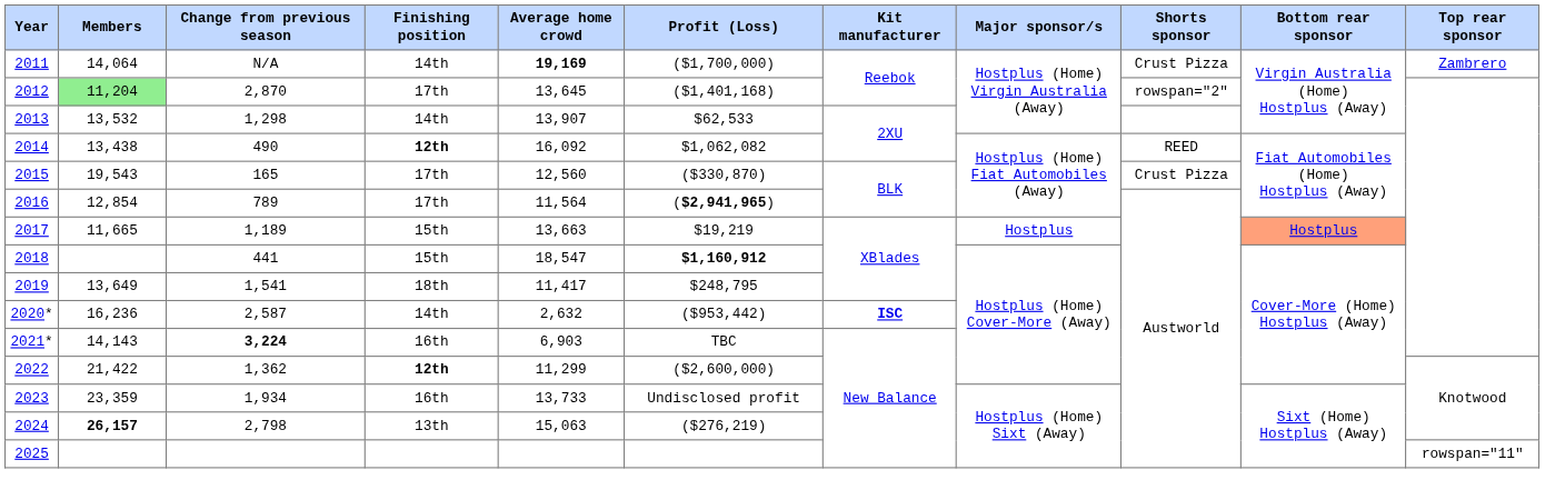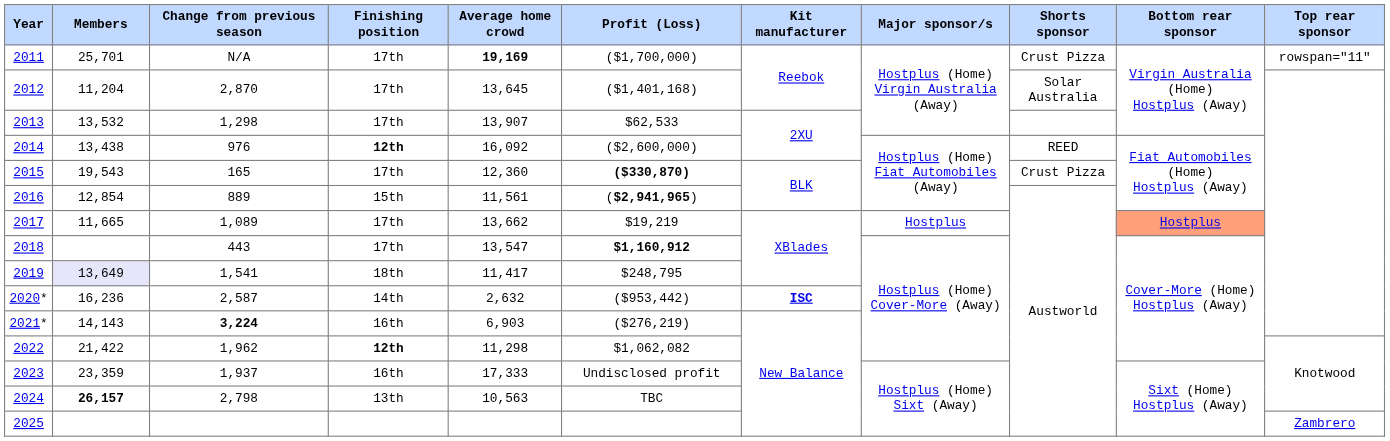 <table border="1" cellpadding="4" cellspacing="0"  style="text-align:center; font-size:90%; border-collapse:collapse; width:80%;">
 <tr style="background:#C1D8FF;">
 <th>Year</th>
 <th style="width:7%;">Members</th>
 <th style="width:13%;">Change from previous season</th>
 <th>Finishing position</th>
 <th>Average home crowd</th>
 <th style="width:13%;">Profit (Loss)</th>
 <th>Kit manufacturer</th>
 <th>Major sponsor/s</th>
 <th>Shorts sponsor</th>
 <th>Bottom rear sponsor</th>
 <th>Top rear sponsor</th>
 </tr>
 <tr>
 <td><a href='#'>2011</a></td>
-<td>14,064</td>
+<td>25,701</td>
 <td>N/A</td>
-<td>14th</td>
+<td>17th</td>
 <td><strong>19,169</strong></td>
 <td>($1,700,000)</td>
 <td rowspan="2"><a href='#'>Reebok</a></td>
 <td rowspan="3"><a href='#'>Hostplus</a> (Home) <br> <a href='#'>Virgin Australia</a> (Away)</td>
 <td>Crust Pizza</td>
 <td rowspan="3"><a href='#'>Virgin Australia</a> (Home) <br> <a href='#'>Hostplus</a> (Away)</td>
-<td><a href='#'>Zambrero</a></td>
+<td>rowspan="11" </td>
 </tr>
 <tr>
 <td><a href='#'>2012</a></td>
-<td style="background: lightgreen;">11,204</td>
+<td>11,204</td>
 <td> 2,870</td>
 <td>17th</td>
 <td>13,645</td>
 <td>($1,401,168)</td>
-<td>rowspan="2" </td>
+<td>Solar Australia</td>
 </tr>
 <tr>
 <td><a href='#'>2013</a></td>
 <td>13,532</td>
 <td> 1,298</td>
-<td>14th</td>
+<td>17th</td>
 <td>13,907</td>
 <td>$62,533</td>
 <td rowspan="2"><a href='#'>2XU</a></td>
 </tr>
 <tr>
 <td><a href='#'>2014</a></td>
 <td>13,438</td>
-<td> 490</td>
+<td> 976</td>
 <td><strong>12th</strong></td>
 <td>16,092</td>
-<td>$1,062,082</td>
+<td>($2,600,000)</td>
 <td rowspan="3"><a href='#'>Hostplus</a> (Home) <br> <a href='#'>Fiat Automobiles</a> (Away)</td>
 <td>REED</td>
 <td rowspan="3"><a href='#'>Fiat Automobiles</a> (Home) <br> <a href='#'>Hostplus</a> (Away)</td>
 </tr>
 <tr>
 <td><a href='#'>2015</a></td>
 <td>19,543</td>
 <td> 165</td>
 <td>17th</td>
-<td>12,560</td>
-<td>($330,870)</td>
+<td>12,360</td>
+<td><strong>($330,870)</strong></td>
 <td rowspan="2"><a href='#'>BLK</a></td>
 <td>Crust Pizza</td>
 </tr>
 <tr>
 <td><a href='#'>2016</a></td>
 <td>12,854</td>
-<td> 789</td>
-<td>17th</td>
-<td>11,564</td>
+<td> 889</td>
+<td>15th</td>
+<td>11,561</td>
 <td>(<strong>$2,941,965</strong>)</td>
 <td rowspan="10">Austworld</td>
 </tr>
 <tr>
 <td><a href='#'>2017</a></td>
 <td>11,665</td>
-<td> 1,189</td>
-<td>15th</td>
-<td>13,663</td>
+<td> 1,089</td>
+<td>17th</td>
+<td>13,662</td>
 <td>$19,219</td>
 <td rowspan="3"><a href='#'>XBlades</a></td>
 <td><a href='#'>Hostplus</a></td>
 <td style="background: lightsalmon;"><a href='#'>Hostplus</a></td>
 </tr>
 <tr>
 <td><a href='#'>2018</a></td>
 <td></td>
-<td> 441</td>
-<td>15th</td>
-<td>18,547</td>
+<td> 443</td>
+<td>17th</td>
+<td>13,547</td>
 <td><strong>$1,160,912</strong></td>
 <td rowspan="5"><a href='#'>Hostplus</a> (Home) <br> <a href='#'>Cover-More</a> (Away)</td>
 <td rowspan="5"><a href='#'>Cover-More</a> (Home) <br> <a href='#'>Hostplus</a> (Away)</td>
 </tr>
 <tr>
 <td><a href='#'>2019</a></td>
-<td>13,649</td>
+<td style="background: lavender;">13,649</td>
 <td> 1,541</td>
 <td>18th</td>
 <td>11,417</td>
 <td>$248,795</td>
 </tr>
 <tr>
 <td><a href='#'>2020</a>*</td>
 <td>16,236</td>
 <td> 2,587</td>
 <td>14th</td>
 <td>2,632</td>
 <td>($953,442)</td>
 <td><strong><a href='#'>ISC</a></strong></td>
 </tr>
 <tr>
 <td><a href='#'>2021</a>*</td>
 <td>14,143</td>
 <td> <strong>3,224</strong></td>
 <td>16th</td>
 <td>6,903</td>
-<td>TBC</td>
+<td>($276,219)</td>
 <td rowspan="5"><a href='#'>New Balance</a></td>
 </tr>
 <tr>
 <td><a href='#'>2022</a></td>
 <td>21,422</td>
-<td> 1,362</td>
+<td> 1,962</td>
 <td><strong>12th</strong></td>
-<td>11,299</td>
-<td>($2,600,000)</td>
+<td>11,298</td>
+<td>$1,062,082</td>
 <td rowspan="3">Knotwood</td>
 </tr>
 <tr>
 <td><a href='#'>2023</a></td>
 <td>23,359</td>
-<td> 1,934</td>
+<td> 1,937</td>
 <td>16th</td>
-<td>13,733</td>
+<td>17,333</td>
 <td>Undisclosed profit</td>
 <td rowspan="3"><a href='#'>Hostplus</a> (Home) <br> <a href='#'>Sixt</a> (Away)</td>
 <td rowspan="3"><a href='#'>Sixt</a> (Home) <br> <a href='#'>Hostplus</a> (Away)</td>
 </tr>
 <tr>
 <td><a href='#'>2024</a></td>
 <td><strong>26,157</strong></td>
 <td> 2,798</td>
 <td>13th</td>
-<td>15,063</td>
-<td>($276,219)</td>
+<td>10,563</td>
+<td>TBC</td>
 </tr>
 <tr>
 <td><a href='#'>2025</a></td>
 <td></td>
 <td></td>
 <td></td>
 <td></td>
 <td></td>
-<td>rowspan="11" </td>
+<td><a href='#'>Zambrero</a></td>
 </tr>
 </table>
